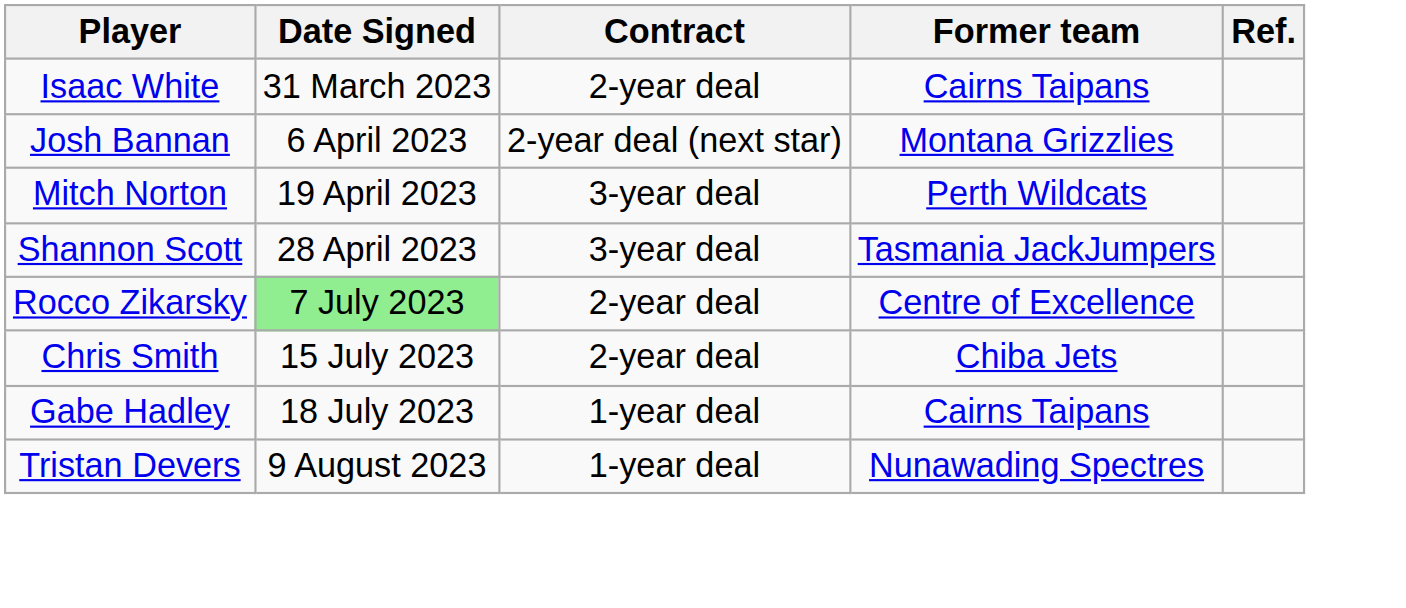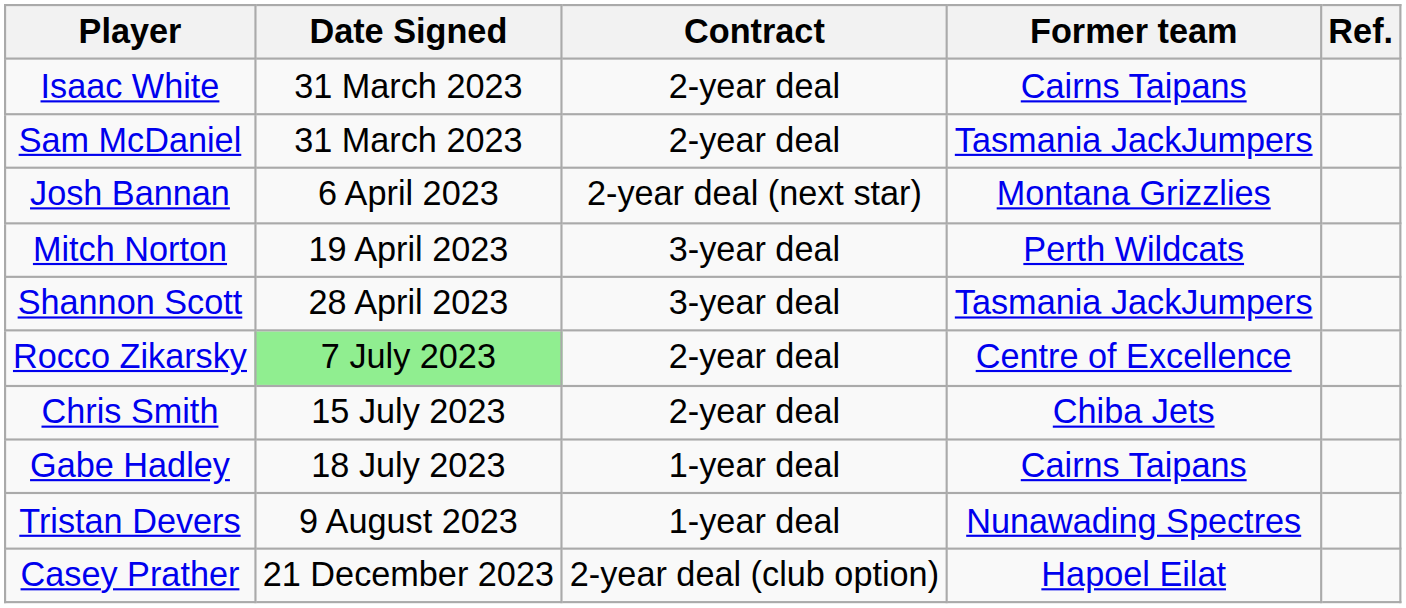 <table class="wikitable sortable sortable" style="text-align: center">
 <tr>
 <th>Player</th>
 <th>Date Signed</th>
 <th>Contract</th>
 <th>Former team</th>
 <th>Ref.</th>
 </tr>
 <tr>
 <td><a href='#'>Isaac White</a></td>
 <td>31 March 2023</td>
 <td>2-year deal</td>
 <td><a href='#'>Cairns Taipans</a></td>
+<td></td>
+</tr>
+<tr>
+<td><a href='#'>Sam McDaniel</a></td>
+<td>31 March 2023</td>
+<td>2-year deal</td>
+<td><a href='#'>Tasmania JackJumpers</a></td>
 <td></td>
 </tr>
 <tr>
 <td><a href='#'>Josh Bannan</a></td>
 <td>6 April 2023</td>
 <td>2-year deal (next star)</td>
 <td><a href='#'>Montana Grizzlies</a></td>
 <td></td>
 </tr>
 <tr>
 <td><a href='#'>Mitch Norton</a></td>
 <td>19 April 2023</td>
 <td>3-year deal</td>
 <td><a href='#'>Perth Wildcats</a></td>
 <td></td>
 </tr>
 <tr>
 <td><a href='#'>Shannon Scott</a></td>
 <td>28 April 2023</td>
 <td>3-year deal</td>
 <td><a href='#'>Tasmania JackJumpers</a></td>
 <td></td>
 </tr>
 <tr>
 <td><a href='#'>Rocco Zikarsky</a></td>
 <td style="background: lightgreen;">7 July 2023</td>
 <td>2-year deal</td>
 <td><a href='#'>Centre of Excellence</a></td>
 <td></td>
 </tr>
 <tr>
 <td><a href='#'>Chris Smith</a></td>
 <td>15 July 2023</td>
 <td>2-year deal</td>
 <td><a href='#'>Chiba Jets</a></td>
 <td></td>
 </tr>
 <tr>
 <td><a href='#'>Gabe Hadley</a></td>
 <td>18 July 2023</td>
 <td>1-year deal</td>
 <td><a href='#'>Cairns Taipans</a></td>
 <td></td>
 </tr>
 <tr>
 <td><a href='#'>Tristan Devers</a></td>
 <td>9 August 2023</td>
 <td>1-year deal</td>
 <td><a href='#'>Nunawading Spectres</a></td>
 <td></td>
 </tr>
+<tr>
+<td><a href='#'>Casey Prather</a></td>
+<td>21 December 2023</td>
+<td>2-year deal (club option)</td>
+<td><a href='#'>Hapoel Eilat</a></td>
+<td></td>
+</tr>
 </table>
